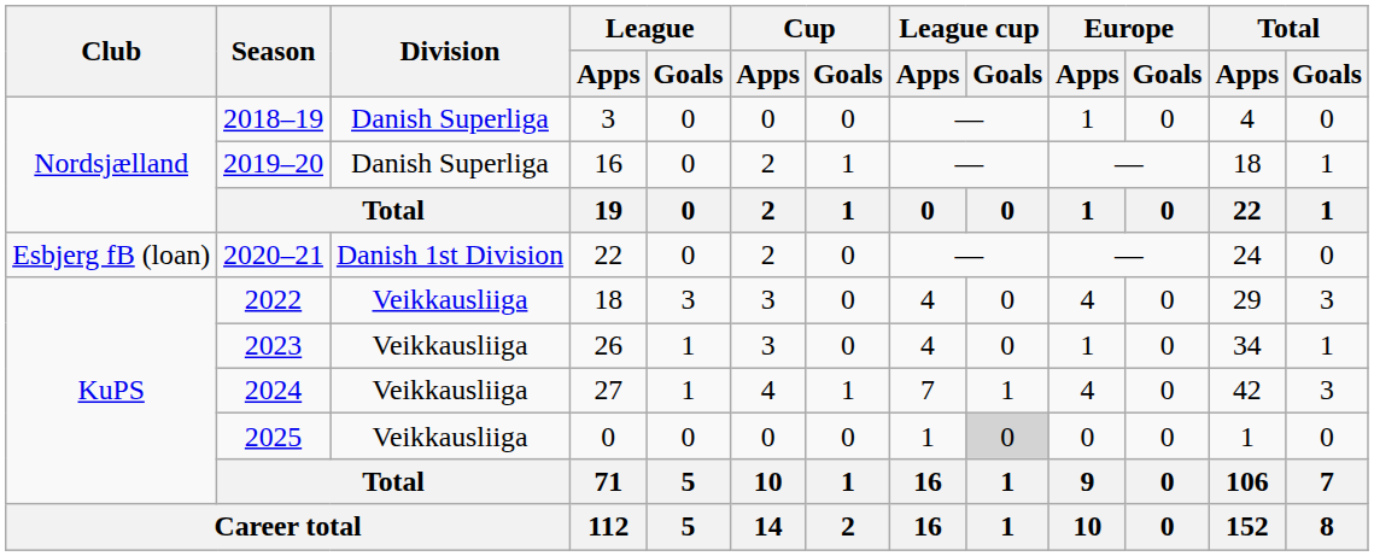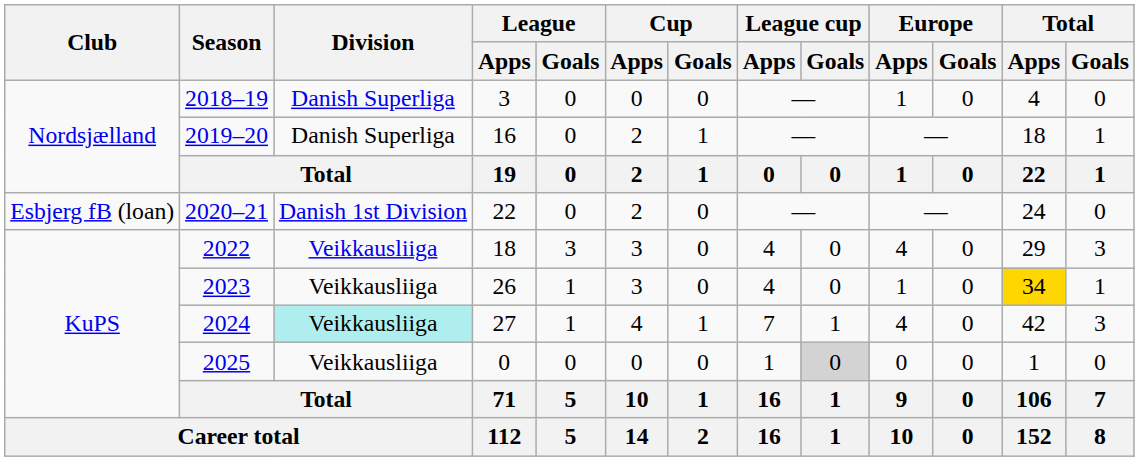 <table class="wikitable" style="text-align:center">
 <tr>
 <th rowspan="2">Club</th>
 <th rowspan="2">Season</th>
 <th rowspan="2">Division</th>
 <th colspan="2">League</th>
 <th colspan="2">Cup</th>
 <th colspan="2">League cup</th>
 <th colspan="2">Europe</th>
 <th colspan="2">Total</th>
 </tr>
 <tr>
 <th>Apps</th>
 <th>Goals</th>
 <th>Apps</th>
 <th>Goals</th>
 <th>Apps</th>
 <th>Goals</th>
 <th>Apps</th>
 <th>Goals</th>
 <th>Apps</th>
 <th>Goals</th>
 </tr>
 <tr>
 <td rowspan="3"><a href='#'>Nordsjælland</a></td>
 <td><a href='#'>2018–19</a></td>
 <td><a href='#'>Danish Superliga</a></td>
 <td>3</td>
 <td>0</td>
 <td>0</td>
 <td>0</td>
 <td colspan="2">—</td>
 <td>1</td>
 <td>0</td>
 <td>4</td>
 <td>0</td>
 </tr>
 <tr>
 <td><a href='#'>2019–20</a></td>
 <td>Danish Superliga</td>
 <td>16</td>
 <td>0</td>
 <td>2</td>
 <td>1</td>
 <td colspan="2">—</td>
 <td colspan="2">—</td>
 <td>18</td>
 <td>1</td>
 </tr>
 <tr>
 <th colspan="2">Total</th>
 <th>19</th>
 <th>0</th>
 <th>2</th>
 <th>1</th>
 <th>0</th>
 <th>0</th>
 <th>1</th>
 <th>0</th>
 <th>22</th>
 <th>1</th>
 </tr>
 <tr>
 <td><a href='#'>Esbjerg fB</a> (loan)</td>
 <td><a href='#'>2020–21</a></td>
 <td><a href='#'>Danish 1st Division</a></td>
 <td>22</td>
 <td>0</td>
 <td>2</td>
 <td>0</td>
 <td colspan="2">—</td>
 <td colspan="2">—</td>
 <td>24</td>
 <td>0</td>
 </tr>
 <tr>
 <td rowspan="5"><a href='#'>KuPS</a></td>
 <td><a href='#'>2022</a></td>
 <td><a href='#'>Veikkausliiga</a></td>
 <td>18</td>
 <td>3</td>
 <td>3</td>
 <td>0</td>
 <td>4</td>
 <td>0</td>
 <td>4</td>
 <td>0</td>
 <td>29</td>
 <td>3</td>
 </tr>
 <tr>
 <td><a href='#'>2023</a></td>
 <td>Veikkausliiga</td>
 <td>26</td>
 <td>1</td>
 <td>3</td>
 <td>0</td>
 <td>4</td>
 <td>0</td>
 <td>1</td>
 <td>0</td>
-<td>34</td>
+<td style="background: gold;">34</td>
 <td>1</td>
 </tr>
 <tr>
 <td><a href='#'>2024</a></td>
-<td>Veikkausliiga</td>
+<td style="background: paleturquoise;">Veikkausliiga</td>
 <td>27</td>
 <td>1</td>
 <td>4</td>
 <td>1</td>
 <td>7</td>
 <td>1</td>
 <td>4</td>
 <td>0</td>
 <td>42</td>
 <td>3</td>
 </tr>
 <tr>
 <td><a href='#'>2025</a></td>
 <td>Veikkausliiga</td>
 <td>0</td>
 <td>0</td>
 <td>0</td>
 <td>0</td>
 <td>1</td>
 <td style="background: lightgrey;">0</td>
 <td>0</td>
 <td>0</td>
 <td>1</td>
 <td>0</td>
 </tr>
 <tr>
 <th colspan="2">Total</th>
 <th>71</th>
 <th>5</th>
 <th>10</th>
 <th>1</th>
 <th>16</th>
 <th>1</th>
 <th>9</th>
 <th>0</th>
 <th>106</th>
 <th>7</th>
 </tr>
 <tr>
 <th colspan="3">Career total</th>
 <th>112</th>
 <th>5</th>
 <th>14</th>
 <th>2</th>
 <th>16</th>
 <th>1</th>
 <th>10</th>
 <th>0</th>
 <th>152</th>
 <th>8</th>
 </tr>
 </table>
